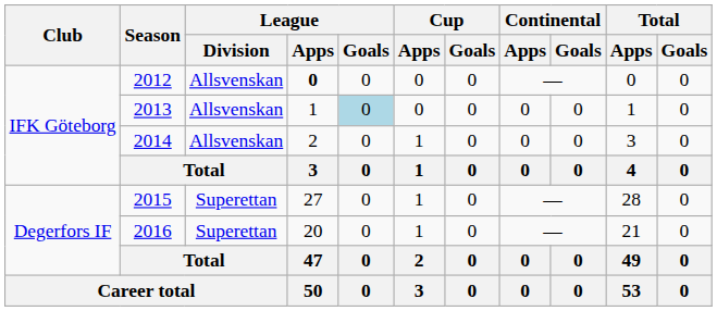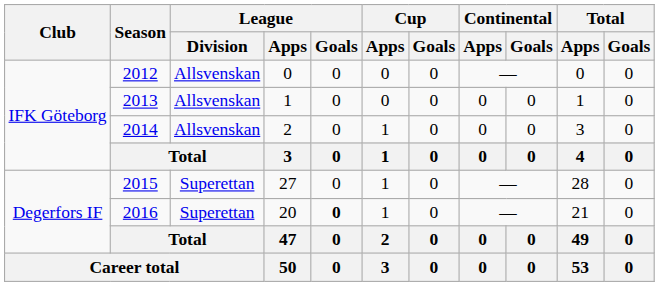 <table class="wikitable" style="text-align:center;">
 <tr>
 <th rowspan="2">Club</th>
 <th rowspan="2">Season</th>
 <th colspan="3">League</th>
 <th colspan="2">Cup</th>
 <th colspan="2">Continental</th>
 <th colspan="2">Total</th>
 </tr>
 <tr>
 <th>Division</th>
 <th>Apps</th>
 <th>Goals</th>
 <th>Apps</th>
 <th>Goals</th>
 <th>Apps</th>
 <th>Goals</th>
 <th>Apps</th>
 <th>Goals</th>
 </tr>
 <tr>
 <td rowspan="4"><a href='#'>IFK Göteborg</a></td>
 <td><a href='#'>2012</a></td>
 <td><a href='#'>Allsvenskan</a></td>
-<td><strong>0</strong></td>
+<td>0</td>
 <td>0</td>
 <td>0</td>
 <td>0</td>
 <td colspan="2">—</td>
 <td>0</td>
 <td>0</td>
 </tr>
 <tr>
 <td><a href='#'>2013</a></td>
 <td><a href='#'>Allsvenskan</a></td>
 <td>1</td>
-<td style="background: lightblue;">0</td>
+<td>0</td>
 <td>0</td>
 <td>0</td>
 <td>0</td>
 <td>0</td>
 <td>1</td>
 <td>0</td>
 </tr>
 <tr>
 <td><a href='#'>2014</a></td>
 <td><a href='#'>Allsvenskan</a></td>
 <td>2</td>
 <td>0</td>
 <td>1</td>
 <td>0</td>
 <td>0</td>
 <td>0</td>
 <td>3</td>
 <td>0</td>
 </tr>
 <tr>
 <th colspan=2>Total</th>
 <th>3</th>
 <th>0</th>
 <th>1</th>
 <th>0</th>
 <th>0</th>
 <th>0</th>
 <th>4</th>
 <th>0</th>
 </tr>
 <tr>
 <td rowspan="3"><a href='#'>Degerfors IF</a></td>
 <td><a href='#'>2015</a></td>
 <td><a href='#'>Superettan</a></td>
 <td>27</td>
 <td>0</td>
 <td>1</td>
 <td>0</td>
 <td colspan="2">—</td>
 <td>28</td>
 <td>0</td>
 </tr>
 <tr>
 <td><a href='#'>2016</a></td>
 <td><a href='#'>Superettan</a></td>
 <td>20</td>
-<td>0</td>
+<td><strong>0</strong></td>
 <td>1</td>
 <td>0</td>
 <td colspan="2">—</td>
 <td>21</td>
 <td>0</td>
 </tr>
 <tr>
 <th colspan=2>Total</th>
 <th>47</th>
 <th>0</th>
 <th>2</th>
 <th>0</th>
 <th>0</th>
 <th>0</th>
 <th>49</th>
 <th>0</th>
 </tr>
 <tr>
 <th colspan="3">Career total</th>
 <th>50</th>
 <th>0</th>
 <th>3</th>
 <th>0</th>
 <th>0</th>
 <th>0</th>
 <th>53</th>
 <th>0</th>
 </tr>
 </table>
